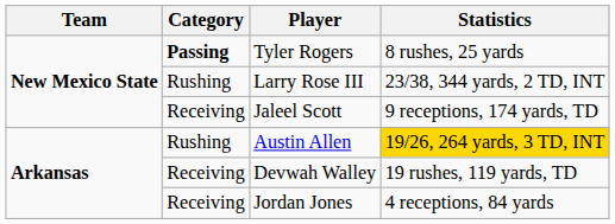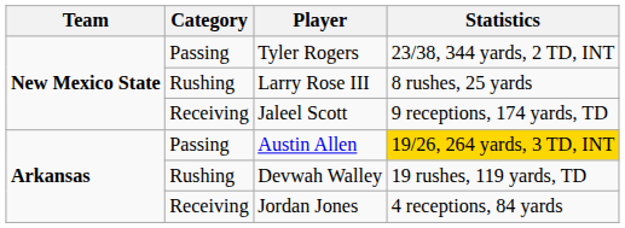 <table class="wikitable" style="float: right;">
 <tr>
 <th>Team</th>
 <th>Category</th>
 <th>Player</th>
 <th>Statistics</th>
 </tr>
 <tr>
 <td rowspan=3><strong>New Mexico State</strong></td>
-<td><strong>Passing</strong></td>
+<td>Passing</td>
 <td>Tyler Rogers</td>
-<td>8 rushes, 25 yards</td>
+<td>23/38, 344 yards, 2 TD, INT</td>
 </tr>
 <tr>
 <td>Rushing</td>
 <td>Larry Rose III</td>
-<td>23/38, 344 yards, 2 TD, INT</td>
+<td>8 rushes, 25 yards</td>
 </tr>
 <tr>
 <td>Receiving</td>
 <td>Jaleel Scott</td>
 <td>9 receptions, 174 yards, TD</td>
 </tr>
 <tr>
 <td rowspan=3><strong>Arkansas</strong></td>
-<td>Rushing</td>
+<td>Passing</td>
 <td><a href='#'>Austin Allen</a></td>
 <td style="background: gold;">19/26, 264 yards, 3 TD, INT</td>
 </tr>
 <tr>
-<td>Receiving</td>
+<td>Rushing</td>
 <td>Devwah Walley</td>
 <td>19 rushes, 119 yards, TD</td>
 </tr>
 <tr>
 <td>Receiving</td>
 <td>Jordan Jones</td>
 <td>4 receptions, 84 yards</td>
 </tr>
 </table>
